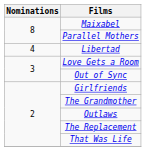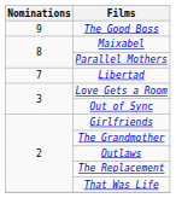 <table class="wikitable plainrowheaders" style="text-align:center;">
 <tr>
 <th scope="col" style="width:55px;">Nominations</th>
 <th scope="col" style="text-align:center;">Films</th>
+</tr>
+<tr>
+<td rowspan="1" style="text-align:center">9</td>
+<td><em><a href='#'>The Good Boss</a></em></td>
 </tr>
 <tr>
 <td rowspan="2" style="text-align:center">8</td>
 <td><em><a href='#'>Maixabel</a></em></td>
 </tr>
 <tr>
 <td><em><a href='#'>Parallel Mothers</a></em></td>
 </tr>
 <tr>
-<td rowspan="1" style="text-align:center">4</td>
+<td rowspan="1" style="text-align:center">7</td>
 <td><em><a href='#'>Libertad</a></em></td>
 </tr>
 <tr>
 <td rowspan="2" style="text-align:center">3</td>
 <td><em><a href='#'>Love Gets a Room</a></em></td>
 </tr>
 <tr>
 <td><em><a href='#'>Out of Sync</a></em></td>
 </tr>
 <tr>
 <td rowspan="5" style="text-align:center">2</td>
 <td><em><a href='#'>Girlfriends</a></em></td>
 </tr>
 <tr>
 <td><em><a href='#'>The Grandmother</a></em></td>
 </tr>
 <tr>
 <td><em><a href='#'>Outlaws</a></em></td>
 </tr>
 <tr>
 <td><em><a href='#'>The Replacement</a></em></td>
 </tr>
 <tr>
 <td><em><a href='#'>That Was Life</a></em></td>
 </tr>
 <tr>
 </tr>
 </table>
